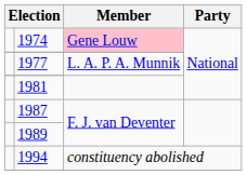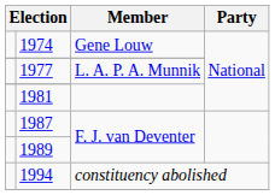 <table class="wikitable">
 <tr>
 <th colspan="2">Election</th>
 <th>Member</th>
 <th>Party</th>
 </tr>
 <tr>
 <td style="background-color: "></td>
 <td><a href='#'>1974</a></td>
-<td style="background: pink;"><a href='#'>Gene Louw</a></td>
+<td><a href='#'>Gene Louw</a></td>
 <td rowspan="5"><a href='#'>National</a></td>
 </tr>
 <tr>
 </tr>
 <tr>
 <td style="background-color: "></td>
 <td><a href='#'>1977</a></td>
 <td rowspan="2"><a href='#'>L. A. P. A. Munnik</a></td>
 </tr>
 <tr>
 </tr>
 <tr>
 <td style="background-color: "></td>
 <td><a href='#'>1981</a></td>
 </tr>
 <tr>
 <td style="background-color: "></td>
 <td><a href='#'>1987</a></td>
 <td rowspan="2"><a href='#'>F. J. van Deventer</a></td>
 </tr>
 <tr>
 <td style="background-color: "></td>
 <td><a href='#'>1989</a></td>
 </tr>
 <tr>
 <td style="background-color: "></td>
 <td><a href='#'>1994</a></td>
 <td colspan="2"><em>constituency abolished</em></td>
 </tr>
 <tr>
 </tr>
 </table>
